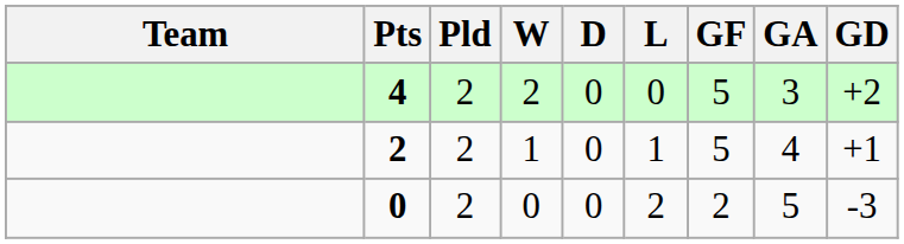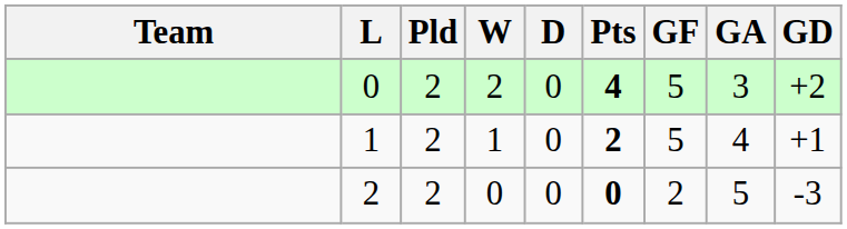 <table class="wikitable" style="text-align:center;">
 <tr>
 <th width=150>Team</th>
-<th width=20>Pts</th>
+<th width=20>L</th>
 <th width=20>Pld</th>
 <th width=20>W</th>
 <th width=20>D</th>
-<th width=20>L</th>
+<th width=20>Pts</th>
 <th width=20>GF</th>
 <th width=20>GA</th>
 <th width=20>GD</th>
 </tr>
 <tr style="background:#ccffcc;">
 <td style="text-align:left;"></td>
-<td><strong>4</strong></td>
+<td>0</td>
 <td>2</td>
 <td>2</td>
 <td>0</td>
-<td>0</td>
+<td><strong>4</strong></td>
 <td>5</td>
 <td>3</td>
 <td>+2</td>
 </tr>
 <tr>
 <td style="text-align:left;"></td>
-<td><strong>2</strong></td>
+<td>1</td>
 <td>2</td>
 <td>1</td>
 <td>0</td>
-<td>1</td>
+<td><strong>2</strong></td>
 <td>5</td>
 <td>4</td>
 <td>+1</td>
 </tr>
 <tr>
 <td style="text-align:left;"></td>
-<td><strong>0</strong></td>
+<td>2</td>
 <td>2</td>
 <td>0</td>
 <td>0</td>
-<td>2</td>
+<td><strong>0</strong></td>
 <td>2</td>
 <td>5</td>
 <td>-3</td>
 </tr>
 </table>
